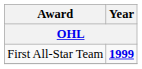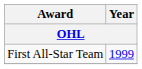 <table class="wikitable">
 <tr>
 <th>Award</th>
 <th>Year</th>
 </tr>
 <tr>
 <th colspan="3"><a href='#'>OHL</a></th>
 </tr>
 <tr>
 <td>First All-Star Team</td>
-<td><strong><a href='#'>1999</a></strong></td>
+<td><a href='#'>1999</a></td>
 </tr>
 <tr>
 </tr>
 </table>
